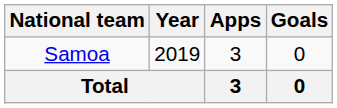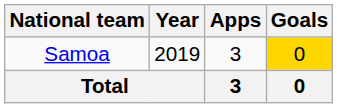 <table class="wikitable" style="text-align:center">
 <tr>
 <th>National team</th>
 <th>Year</th>
 <th>Apps</th>
 <th>Goals</th>
 </tr>
 <tr>
 <td><a href='#'>Samoa</a></td>
 <td>2019</td>
 <td>3</td>
-<td>0</td>
+<td style="background: gold;">0</td>
 </tr>
 <tr>
 <th colspan=2>Total</th>
 <th>3</th>
 <th>0</th>
 </tr>
 </table>
